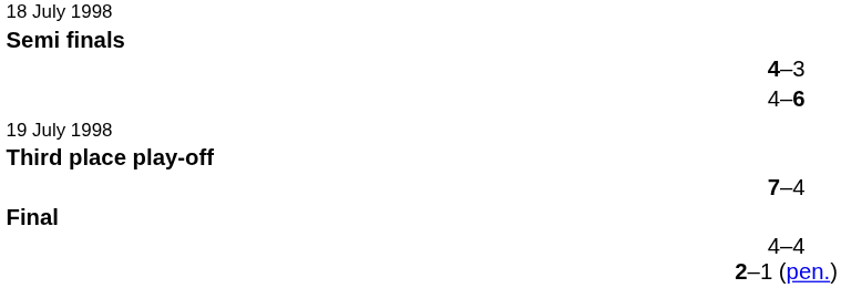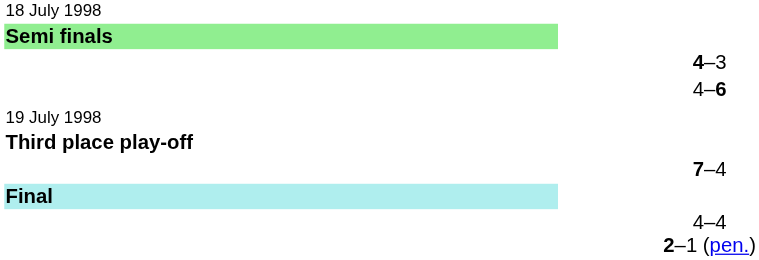 <table width=100% cellspacing=1>
 <tr>
 <th width=22%></th>
 <th width=12%></th>
 <th></th>
 </tr>
 <tr>
 <td><small>18 July 1998</small></td>
 </tr>
 <tr>
-<td><strong>Semi finals</strong></td>
+<td style="background: lightgreen;"><strong>Semi finals</strong></td>
 </tr>
 <tr>
 <td align=right><strong></strong></td>
 <td align=center><strong>4</strong>–3</td>
 <td></td>
 </tr>
 <tr>
 <td align=right></td>
 <td align=center>4–<strong>6</strong></td>
 <td><strong></strong></td>
 </tr>
 <tr>
 <td><small>19 July 1998</small></td>
 </tr>
 <tr>
 <td><strong>Third place play-off</strong></td>
 </tr>
 <tr>
 <td align=right><strong></strong></td>
 <td align=center><strong>7</strong>–4</td>
 <td></td>
 </tr>
 <tr>
-<td><strong>Final</strong></td>
+<td style="background: paleturquoise;"><strong>Final</strong></td>
 </tr>
 <tr>
 <td align=right><strong></strong></td>
 <td align=center>4–4 <br><strong>2</strong>–1 (<a href='#'>pen.</a>)</td>
 <td></td>
 </tr>
 </table>
